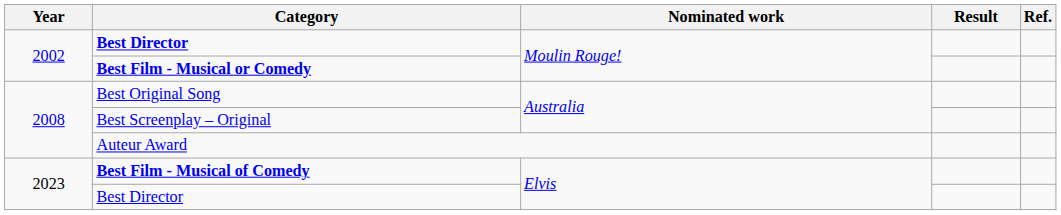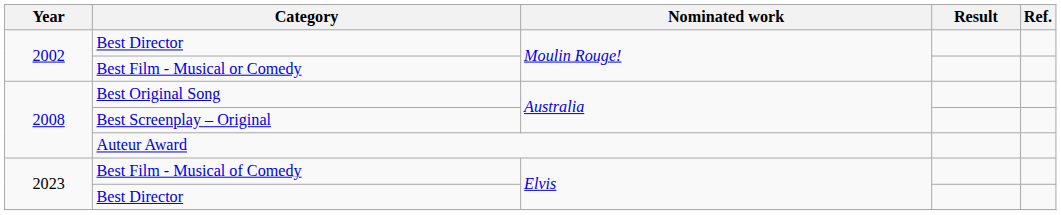 <table class=wikitable>
 <tr>
 <th scope="col" style="width:5em;">Year</th>
 <th scope="col" style="width:26em;">Category</th>
 <th scope="col" style="width:25em;">Nominated work</th>
 <th scope="col" style="width:5em;">Result</th>
 <th>Ref.</th>
 </tr>
 <tr>
 <td rowspan="2", style="text-align:center;"><a href='#'>2002</a></td>
-<td><strong><a href='#'>Best Director</a></strong></td>
+<td><a href='#'>Best Director</a></td>
 <td rowspan="2"><em><a href='#'>Moulin Rouge!</a></em></td>
 <td></td>
 <td></td>
 </tr>
 <tr>
-<td><strong><a href='#'>Best Film - Musical or Comedy</a></strong></td>
+<td><a href='#'>Best Film - Musical or Comedy</a></td>
 <td></td>
 <td></td>
 </tr>
 <tr>
 <td rowspan="3", style="text-align:center;"><a href='#'>2008</a></td>
 <td><a href='#'>Best Original Song</a></td>
 <td rowspan="2"><em><a href='#'>Australia</a></em></td>
 <td></td>
 <td></td>
 </tr>
 <tr>
 <td><a href='#'>Best Screenplay – Original</a></td>
 <td></td>
 <td></td>
 </tr>
 <tr>
 <td colspan=2><a href='#'>Auteur Award</a></td>
 <td></td>
 <td></td>
 </tr>
 <tr>
 <td rowspan="2" style="text-align:center;">2023</td>
-<td><strong><a href='#'>Best Film - Musical of Comedy</a></strong></td>
+<td><a href='#'>Best Film - Musical of Comedy</a></td>
 <td rowspan="2"><em><a href='#'>Elvis</a></em></td>
 <td></td>
 <td></td>
 </tr>
 <tr>
 <td><a href='#'>Best Director</a></td>
 <td></td>
 <td></td>
 </tr>
 <tr>
 </tr>
 </table>
